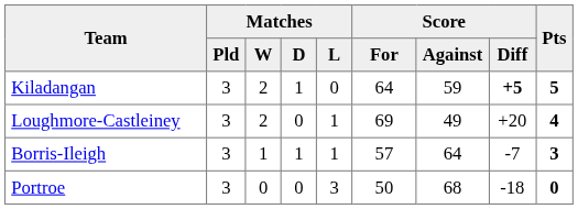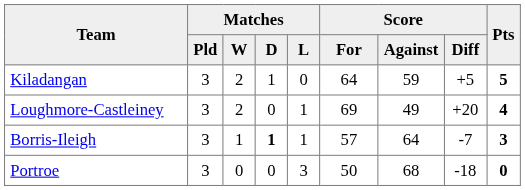 <table style=border-collapse:collapse border=1 cellspacing=0 cellpadding=5>
 <tr align=center bgcolor=#efefef>
 <th rowspan=2 width=165>Team</th>
 <th colspan=4>Matches</th>
 <th colspan=3>Score</th>
 <th rowspan=2width=20>Pts</th>
 </tr>
 <tr align=center bgcolor=#efefef>
 <th width=20>Pld</th>
 <th width=20>W</th>
 <th width=20>D</th>
 <th width=20>L</th>
 <th width=45>For</th>
 <th width=45>Against</th>
 <th width=30>Diff</th>
 </tr>
 <tr align=center>
 <td style="text-align:left;"><a href='#'>Kiladangan</a></td>
 <td>3</td>
 <td>2</td>
 <td>1</td>
 <td>0</td>
 <td>64</td>
 <td>59</td>
-<td><strong>+5</strong></td>
+<td>+5</td>
 <td><strong>5</strong></td>
 </tr>
 <tr align=center>
 <td style="text-align:left;"><a href='#'>Loughmore-Castleiney</a></td>
 <td>3</td>
 <td>2</td>
 <td>0</td>
 <td>1</td>
 <td>69</td>
 <td>49</td>
 <td>+20</td>
 <td><strong>4</strong></td>
 </tr>
 <tr align=center>
 <td style="text-align:left;"><a href='#'>Borris-Ileigh</a></td>
 <td>3</td>
 <td>1</td>
-<td>1</td>
+<td><strong>1</strong></td>
 <td>1</td>
 <td>57</td>
 <td>64</td>
 <td>-7</td>
 <td><strong>3</strong></td>
 </tr>
 <tr align=center>
 <td style="text-align:left;"><a href='#'>Portroe</a></td>
 <td>3</td>
 <td>0</td>
 <td>0</td>
 <td>3</td>
 <td>50</td>
 <td>68</td>
 <td>-18</td>
 <td><strong>0</strong></td>
 </tr>
 </table>
